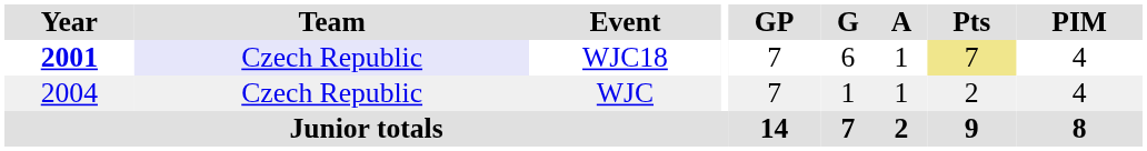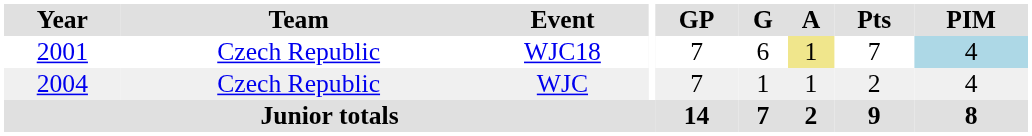 <table border="0" cellpadding="1" cellspacing="0" ID="Table3" style="text-align:center; width:40em">
 <tr bgcolor="#e0e0e0">
 <th>Year</th>
 <th>Team</th>
 <th>Event</th>
 <th rowspan="102" bgcolor="#ffffff"></th>
 <th>GP</th>
 <th>G</th>
 <th>A</th>
 <th>Pts</th>
 <th>PIM</th>
 </tr>
 <tr>
-<td><strong><a href='#'>2001</a></strong></td>
-<td style="background: lavender;"><a href='#'>Czech Republic</a></td>
+<td><a href='#'>2001</a></td>
+<td><a href='#'>Czech Republic</a></td>
 <td><a href='#'>WJC18</a></td>
 <td>7</td>
 <td>6</td>
-<td>1</td>
-<td style="background: khaki;">7</td>
-<td>4</td>
+<td style="background: khaki;">1</td>
+<td>7</td>
+<td style="background: lightblue;">4</td>
 </tr>
 <tr bgcolor="#f0f0f0">
 <td><a href='#'>2004</a></td>
 <td><a href='#'>Czech Republic</a></td>
 <td><a href='#'>WJC</a></td>
 <td>7</td>
 <td>1</td>
 <td>1</td>
 <td>2</td>
 <td>4</td>
 </tr>
 <tr bgcolor="#e0e0e0">
 <th colspan="4">Junior totals</th>
 <th>14</th>
 <th>7</th>
 <th>2</th>
 <th>9</th>
 <th>8</th>
 </tr>
 </table>
